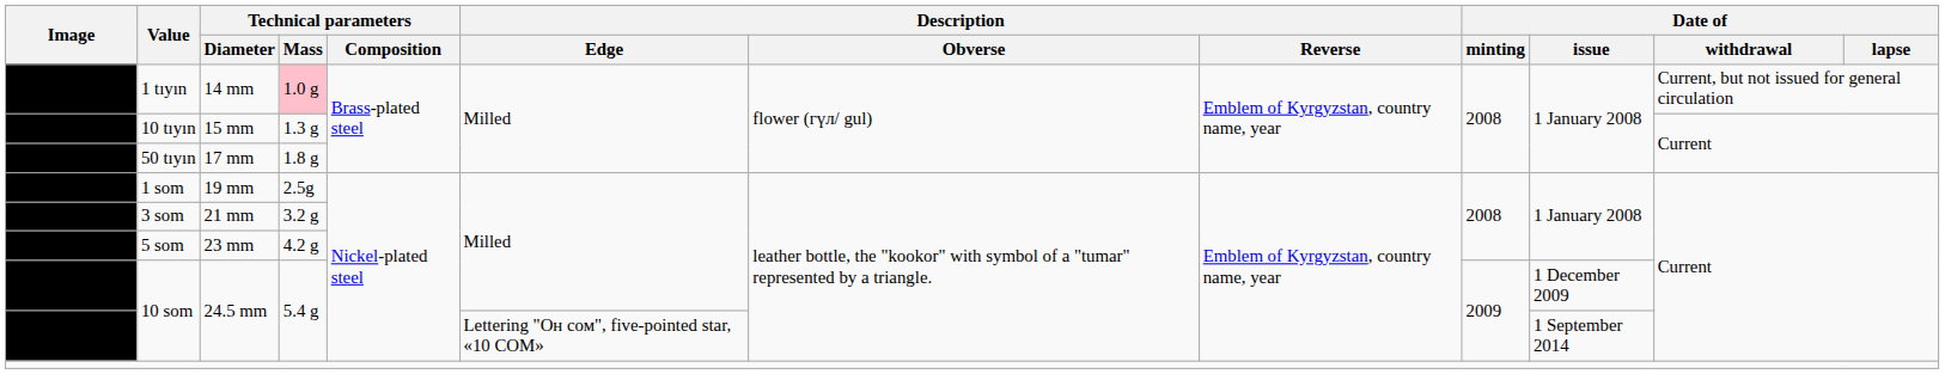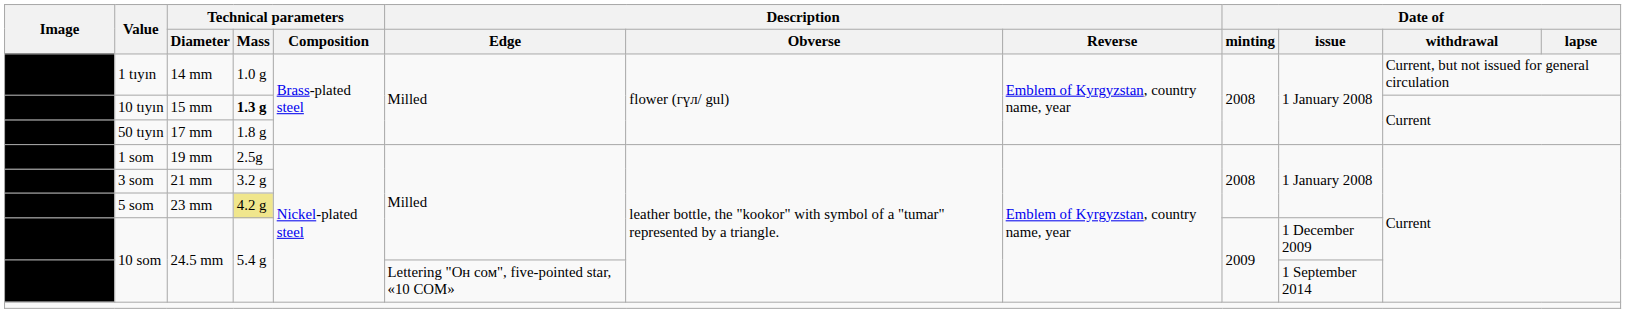 <table class="wikitable" style="font-size: 90%">
 <tr>
 <th rowspan="2">Image</th>
 <th rowspan="2">Value</th>
 <th colspan="3">Technical parameters</th>
 <th colspan="3">Description</th>
 <th colspan="4">Date of</th>
 </tr>
 <tr>
 <th>Diameter</th>
 <th>Mass</th>
 <th>Composition</th>
 <th>Edge</th>
 <th>Obverse</th>
 <th>Reverse</th>
 <th>minting</th>
 <th>issue</th>
 <th>withdrawal</th>
 <th>lapse</th>
 </tr>
 <tr>
 <td align="center" bgcolor="#000000" width="100px"></td>
 <td>1 tıyın</td>
 <td>14 mm</td>
-<td style="background: pink;">1.0 g</td>
+<td>1.0 g</td>
 <td rowspan="3"><a href='#'>Brass</a>-plated <a href='#'>steel</a></td>
 <td rowspan="3">Milled</td>
 <td rowspan="3">flower (гүл/ gul)</td>
 <td rowspan="3"><a href='#'>Emblem of Kyrgyzstan</a>, country name, year</td>
 <td rowspan="3">2008</td>
 <td rowspan="3">1 January 2008</td>
 <td colspan="2">Current, but not issued for general circulation</td>
 </tr>
 <tr>
 <td align="center" bgcolor="#000000"></td>
 <td>10 tıyın</td>
 <td>15 mm</td>
-<td>1.3 g</td>
+<td><strong>1.3 g</strong></td>
 <td rowspan="2" colspan="2">Current</td>
 </tr>
 <tr>
 <td align="center" bgcolor="#000000"></td>
 <td>50 tıyın</td>
 <td>17 mm</td>
 <td>1.8 g</td>
 </tr>
 <tr>
 <td align="center" bgcolor="#000000"></td>
 <td>1 som</td>
 <td>19 mm</td>
 <td>2.5g</td>
 <td rowspan="5"><a href='#'>Nickel</a>-plated <a href='#'>steel</a></td>
 <td rowspan="4">Milled</td>
 <td rowspan="5">leather bottle, the "kookor" with symbol of a "tumar" represented by a triangle.</td>
 <td rowspan="5"><a href='#'>Emblem of Kyrgyzstan</a>, country name, year</td>
 <td rowspan="3">2008</td>
 <td rowspan="3">1 January 2008</td>
 <td rowspan="5" colspan="2">Current</td>
 </tr>
 <tr>
 <td align="center" bgcolor="#000000"></td>
 <td>3 som</td>
 <td>21 mm</td>
 <td>3.2 g</td>
 </tr>
 <tr>
 <td align="center" bgcolor="#000000"></td>
 <td>5 som</td>
 <td>23 mm</td>
-<td>4.2 g</td>
+<td style="background: khaki;">4.2 g</td>
 </tr>
 <tr>
 <td align="center" bgcolor="#000000"></td>
 <td rowspan="2">10 som</td>
 <td rowspan="2">24.5 mm</td>
 <td rowspan="2">5.4 g</td>
 <td rowspan="2">2009</td>
 <td>1 December 2009</td>
 </tr>
 <tr>
 <td align="center" bgcolor="#000000"></td>
 <td>Lettering "Он сом", five-pointed star, «10 СОМ»</td>
 <td>1 September 2014</td>
 </tr>
 <tr>
 <td colspan="16"></td>
 </tr>
 </table>
